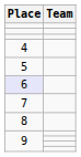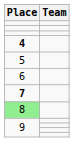 <table class="wikitable">
 <tr>
 <th>Place</th>
 <th>Team</th>
 </tr>
 <tr>
 <td align="center"></td>
 <td></td>
 </tr>
 <tr>
 <td align="center"></td>
 <td></td>
 </tr>
 <tr>
 <td align="center"></td>
 <td></td>
 </tr>
 <tr>
-<td align="center">4</td>
+<td align="center"><strong>4</strong></td>
 <td></td>
 </tr>
 <tr>
 <td align="center">5</td>
 <td></td>
 </tr>
 <tr>
-<td align="center" style="background: lavender;">6</td>
+<td align="center">6</td>
 <td></td>
 </tr>
 <tr>
-<td align="center">7</td>
+<td align="center"><strong>7</strong></td>
 <td></td>
 </tr>
 <tr>
-<td align="center">8</td>
+<td align="center" style="background: lightgreen;">8</td>
 <td></td>
 </tr>
 <tr>
 <td rowspan=4 align="center">9</td>
 <td></td>
 </tr>
 <tr>
 <td></td>
 </tr>
 <tr>
 <td></td>
 </tr>
 <tr>
 <td></td>
 </tr>
 </table>
